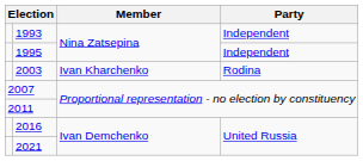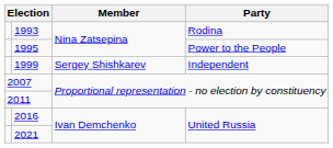 <table class="wikitable">
 <tr>
 <th colspan="2">Election</th>
 <th>Member</th>
 <th>Party</th>
 </tr>
 <tr>
 <td style="background-color: "></td>
 <td><a href='#'>1993</a></td>
 <td rowspan=2><a href='#'>Nina Zatsepina</a></td>
-<td><a href='#'>Independent</a></td>
+<td><a href='#'>Rodina</a></td>
 </tr>
 <tr>
 <td style="background-color: "></td>
 <td><a href='#'>1995</a></td>
-<td><a href='#'>Independent</a></td>
+<td><a href='#'>Power to the People</a></td>
 </tr>
 <tr>
 <td style="background-color: "></td>
-<td><a href='#'>2003</a></td>
-<td><a href='#'>Ivan Kharchenko</a></td>
-<td><a href='#'>Rodina</a></td>
+<td><a href='#'>1999</a></td>
+<td><a href='#'>Sergey Shishkarev</a></td>
+<td><a href='#'>Independent</a></td>
 </tr>
 <tr>
 <td colspan=2><a href='#'>2007</a></td>
 <td colspan=2 rowspan=2><em><a href='#'>Proportional representation</a> - no election by constituency</em></td>
 </tr>
 <tr>
 <td colspan=2><a href='#'>2011</a></td>
 </tr>
 <tr>
 <td style="background-color: "></td>
 <td><a href='#'>2016</a></td>
 <td rowspan=2><a href='#'>Ivan Demchenko</a></td>
 <td rowspan=2><a href='#'>United Russia</a></td>
 </tr>
 <tr>
 <td style="background-color: "></td>
 <td><a href='#'>2021</a></td>
 </tr>
 </table>
